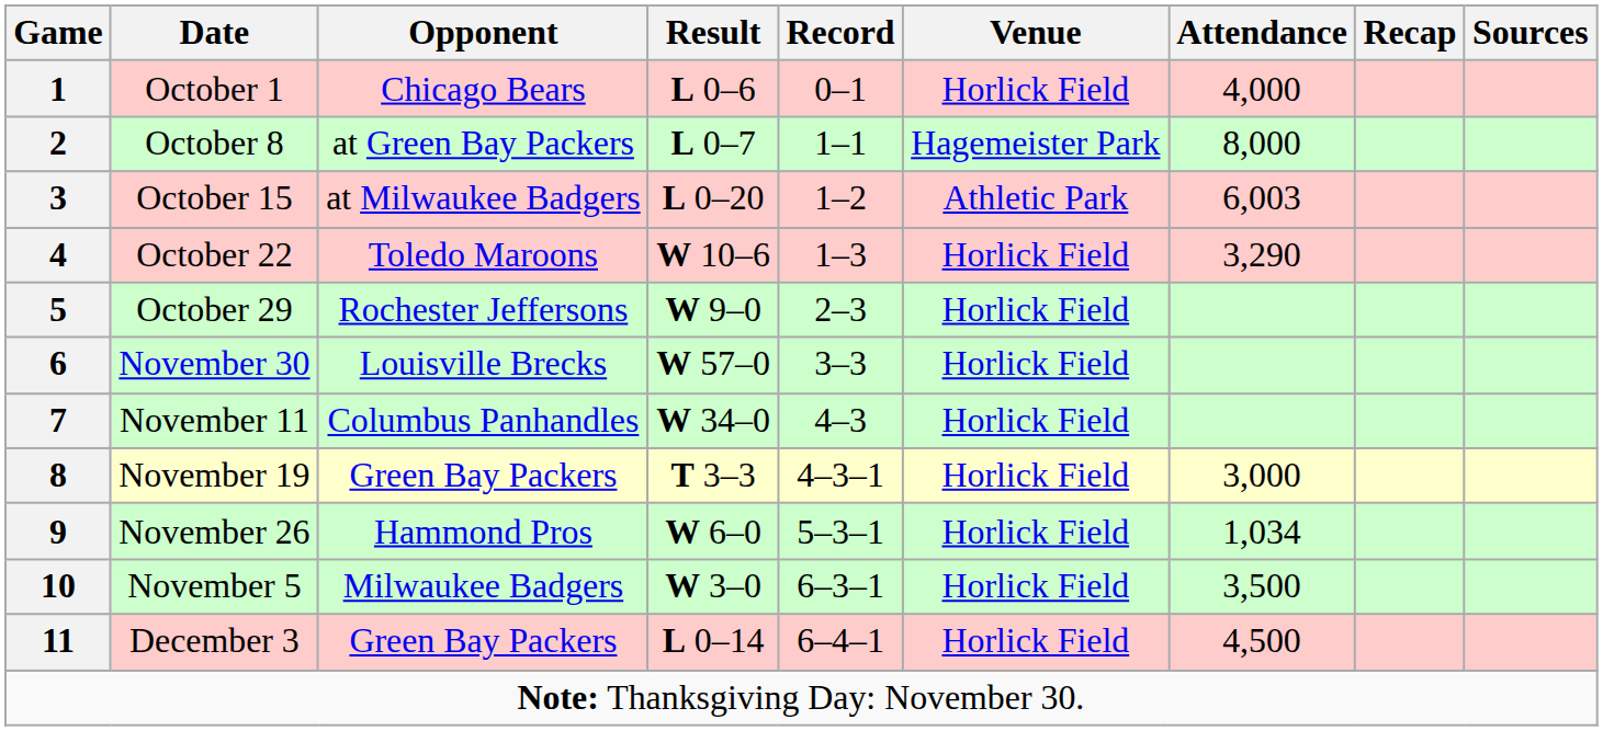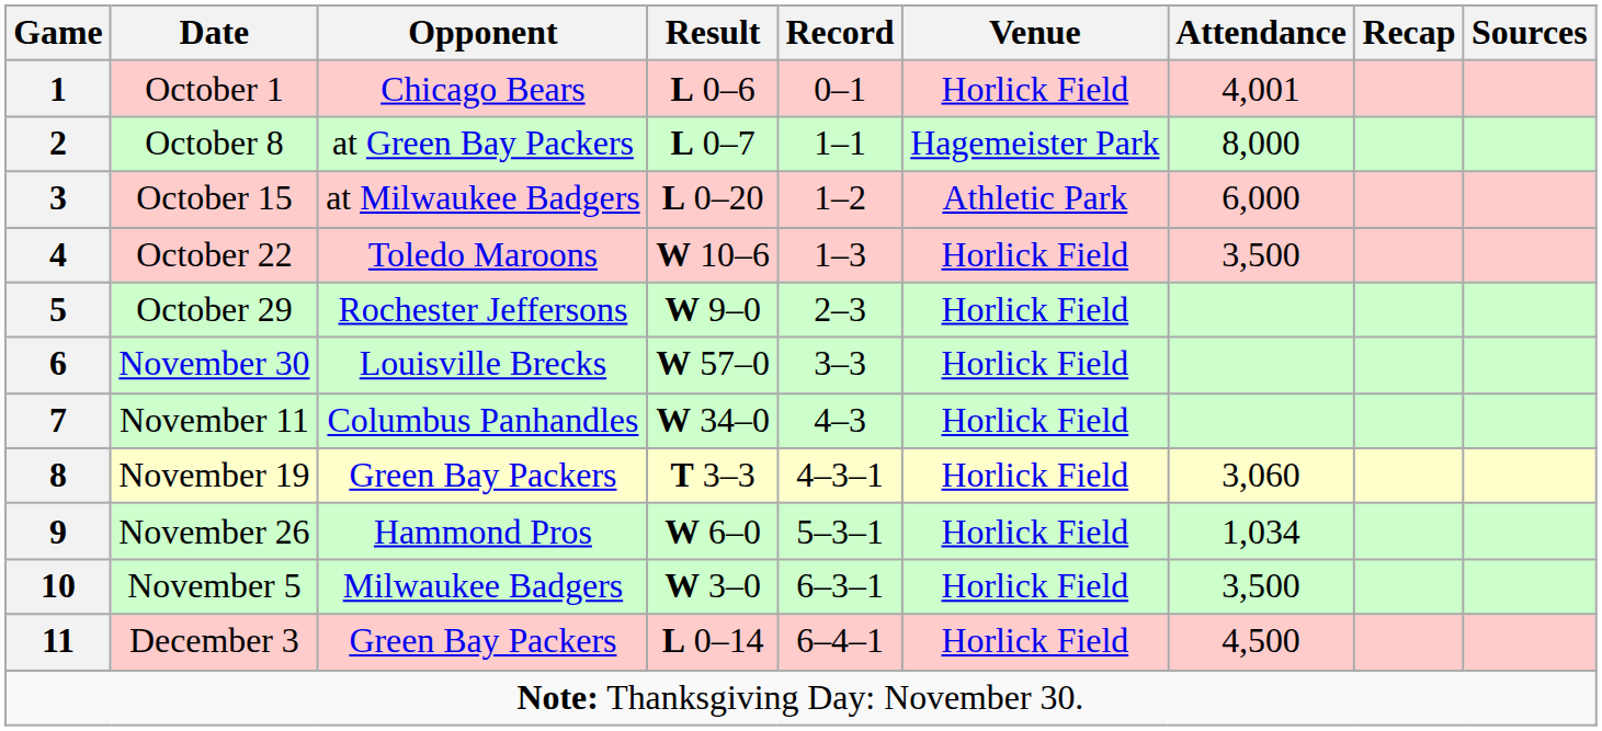 <table class="wikitable" style="text-align:center">
 <tr>
 <th>Game</th>
 <th>Date</th>
 <th>Opponent</th>
 <th>Result</th>
 <th>Record</th>
 <th>Venue</th>
 <th>Attendance</th>
 <th>Recap</th>
 <th>Sources</th>
 </tr>
 <tr style="background:#fcc">
 <th>1</th>
 <td>October 1</td>
 <td><a href='#'>Chicago Bears</a></td>
 <td><strong>L</strong> 0–6</td>
 <td>0–1</td>
 <td><a href='#'>Horlick Field</a></td>
-<td>4,000 </td>
+<td>4,001 </td>
 <td></td>
 <td></td>
 </tr>
 <tr style="background:#cfc">
 <th>2</th>
 <td>October 8</td>
 <td>at <a href='#'>Green Bay Packers</a></td>
 <td><strong>L</strong> 0–7</td>
 <td>1–1</td>
 <td><a href='#'>Hagemeister Park</a></td>
 <td>8,000</td>
 <td></td>
 <td></td>
 </tr>
 <tr style="background:#fcc">
 <th>3</th>
 <td>October 15</td>
 <td>at <a href='#'>Milwaukee Badgers</a></td>
 <td><strong>L</strong> 0–20</td>
 <td>1–2</td>
 <td><a href='#'>Athletic Park</a></td>
-<td>6,003</td>
+<td>6,000</td>
 <td></td>
 <td></td>
 </tr>
 <tr style="background:#fcc">
 <th>4</th>
 <td>October 22</td>
 <td><a href='#'>Toledo Maroons</a></td>
 <td><strong>W</strong> 10–6</td>
 <td>1–3</td>
 <td><a href='#'>Horlick Field</a></td>
-<td>3,290</td>
+<td>3,500</td>
 <td></td>
 <td></td>
 </tr>
 <tr style="background:#cfc">
 <th>5</th>
 <td>October 29</td>
 <td><a href='#'>Rochester Jeffersons</a></td>
 <td><strong>W</strong> 9–0</td>
 <td>2–3</td>
 <td><a href='#'>Horlick Field</a></td>
 <td></td>
 <td></td>
 <td></td>
 </tr>
 <tr style="background:#cfc">
 <th>6</th>
 <td><a href='#'>November 30</a></td>
 <td><a href='#'>Louisville Brecks</a></td>
 <td><strong>W</strong> 57–0</td>
 <td>3–3</td>
 <td><a href='#'>Horlick Field</a></td>
 <td></td>
 <td></td>
 <td></td>
 </tr>
 <tr style="background:#cfc">
 <th>7</th>
 <td>November 11</td>
 <td><a href='#'>Columbus Panhandles</a></td>
 <td><strong>W</strong> 34–0</td>
 <td>4–3</td>
 <td><a href='#'>Horlick Field</a></td>
 <td></td>
 <td></td>
 <td></td>
 </tr>
 <tr style="background:#ffc">
 <th>8</th>
 <td>November 19</td>
 <td><a href='#'>Green Bay Packers</a></td>
 <td><strong>T</strong> 3–3</td>
 <td>4–3–1</td>
 <td><a href='#'>Horlick Field</a></td>
-<td>3,000</td>
+<td>3,060</td>
 <td></td>
 <td></td>
 </tr>
 <tr style="background:#cfc">
 <th>9</th>
 <td>November 26</td>
 <td><a href='#'>Hammond Pros</a></td>
 <td><strong>W</strong> 6–0</td>
 <td>5–3–1</td>
 <td><a href='#'>Horlick Field</a></td>
 <td>1,034</td>
 <td></td>
 <td></td>
 </tr>
 <tr style="background:#cfc">
 <th>10</th>
 <td>November 5</td>
 <td><a href='#'>Milwaukee Badgers</a></td>
 <td><strong>W</strong> 3–0</td>
 <td>6–3–1</td>
 <td><a href='#'>Horlick Field</a></td>
 <td>3,500</td>
 <td></td>
 <td></td>
 </tr>
 <tr style="background:#fcc">
 <th>11</th>
 <td>December 3</td>
 <td><a href='#'>Green Bay Packers</a></td>
 <td><strong>L</strong> 0–14</td>
 <td>6–4–1</td>
 <td><a href='#'>Horlick Field</a></td>
 <td>4,500</td>
 <td></td>
 <td></td>
 </tr>
 <tr>
 <td colspan="10"><strong>Note:</strong> Thanksgiving Day: November 30.</td>
 </tr>
 </table>
